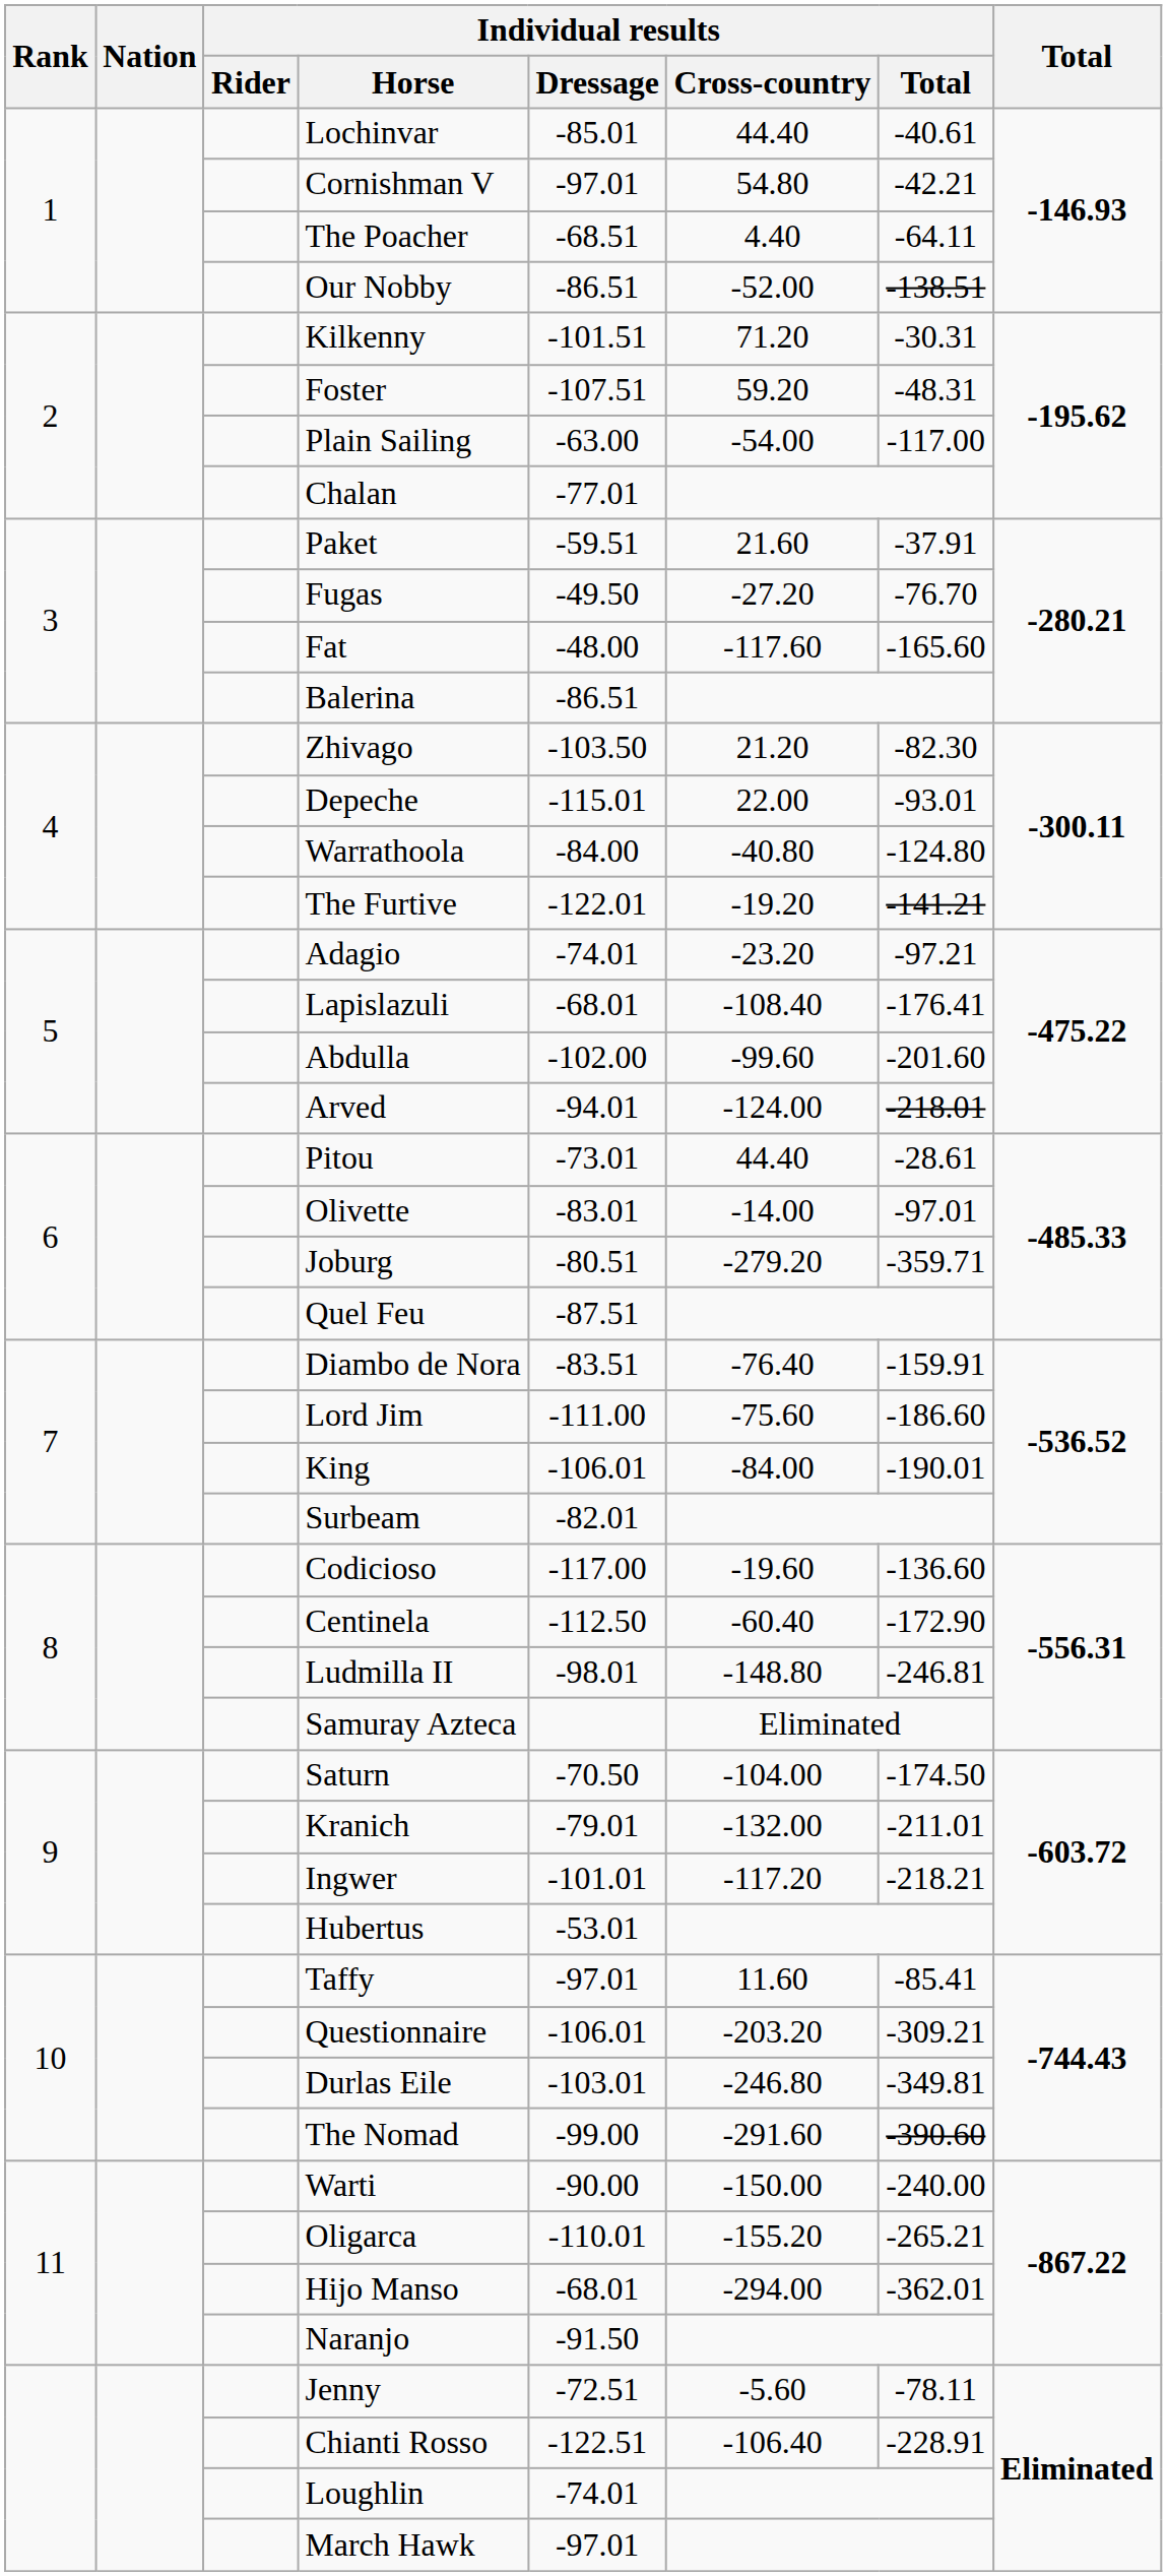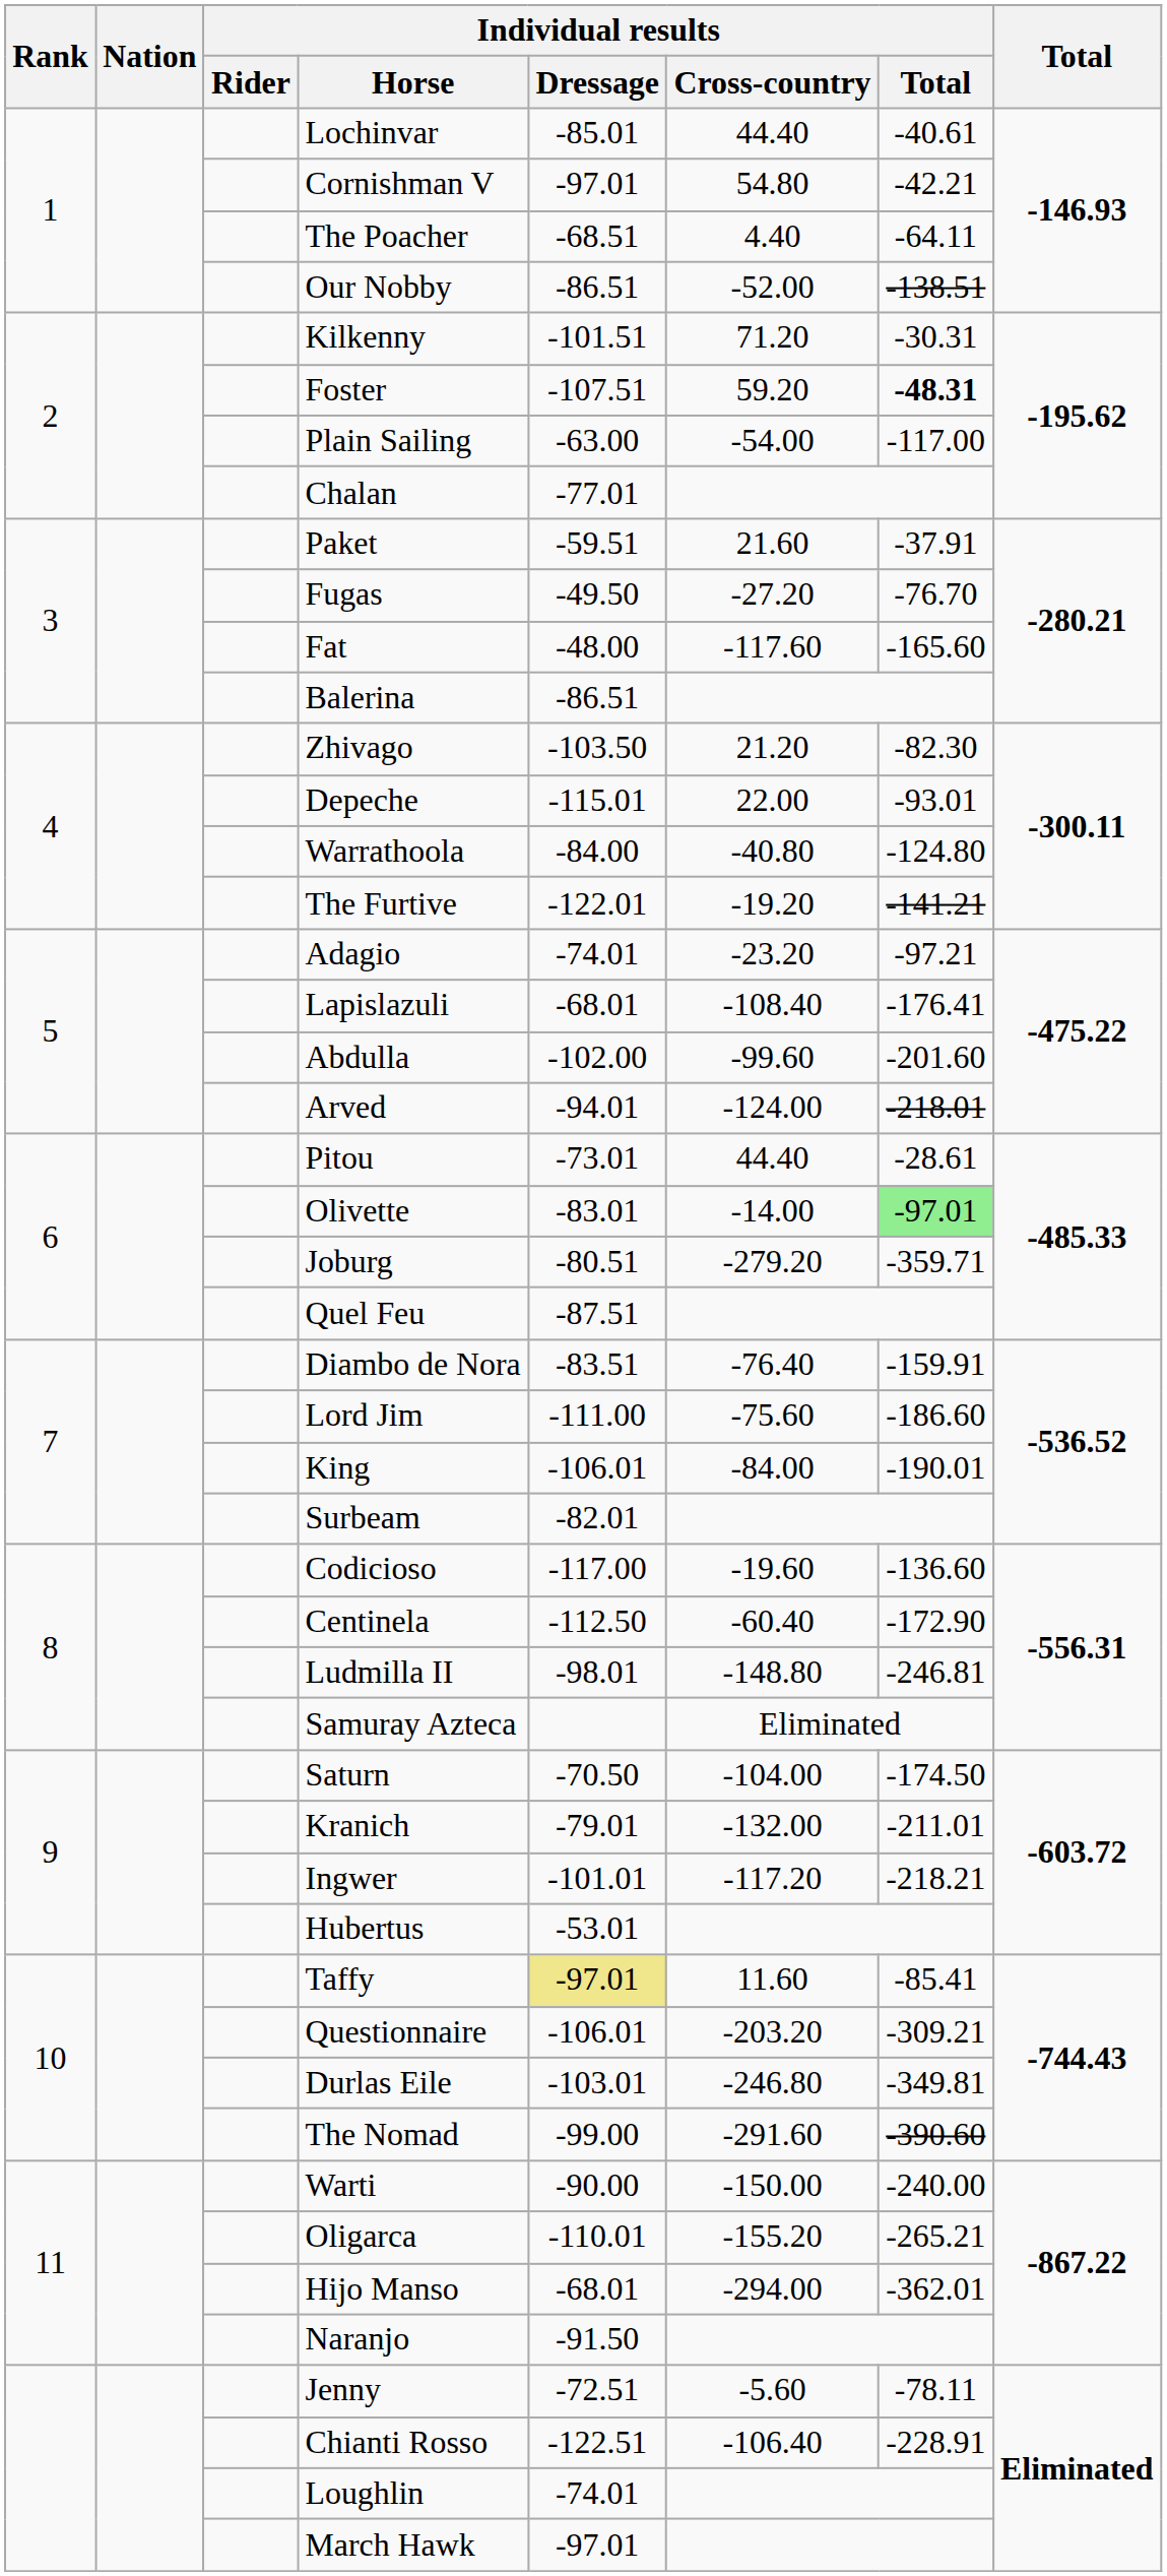 <table class="wikitable sortable" style="text-align:center">
 <tr>
 <th rowspan=2>Rank</th>
 <th rowspan=2>Nation</th>
 <th colspan=5>Individual results</th>
 <th rowspan=2>Total</th>
 </tr>
 <tr>
 <th>Rider</th>
 <th>Horse</th>
 <th>Dressage</th>
 <th>Cross-country</th>
 <th>Total</th>
 </tr>
 <tr>
 <td rowspan=4>1</td>
 <td align=left rowspan=4></td>
 <td align=left></td>
 <td align=left>Lochinvar</td>
 <td>-85.01</td>
 <td>44.40</td>
 <td>-40.61</td>
 <td rowspan=4><strong>-146.93</strong></td>
 </tr>
 <tr>
 <td align=left></td>
 <td align=left>Cornishman V</td>
 <td>-97.01</td>
 <td>54.80</td>
 <td>-42.21</td>
 </tr>
 <tr>
 <td align=left></td>
 <td align=left>The Poacher</td>
 <td>-68.51</td>
 <td>4.40</td>
 <td>-64.11</td>
 </tr>
 <tr>
 <td align=left></td>
 <td align=left>Our Nobby</td>
 <td>-86.51</td>
 <td>-52.00</td>
 <td><s>-138.51</s></td>
 </tr>
 <tr>
 <td rowspan=4>2</td>
 <td align=left rowspan=4></td>
 <td align=left></td>
 <td align=left>Kilkenny</td>
 <td>-101.51</td>
 <td>71.20</td>
 <td>-30.31</td>
 <td rowspan=4><strong>-195.62</strong></td>
 </tr>
 <tr>
 <td align=left></td>
 <td align=left>Foster</td>
 <td>-107.51</td>
 <td>59.20</td>
-<td>-48.31</td>
+<td><strong>-48.31</strong></td>
 </tr>
 <tr>
 <td align=left></td>
 <td align=left>Plain Sailing</td>
 <td>-63.00</td>
 <td>-54.00</td>
 <td>-117.00</td>
 </tr>
 <tr>
 <td align=left></td>
 <td align=left>Chalan</td>
 <td>-77.01</td>
 <td colspan=2></td>
 </tr>
 <tr>
 <td rowspan=4>3</td>
 <td align=left rowspan=4></td>
 <td align=left></td>
 <td align=left>Paket</td>
 <td>-59.51</td>
 <td>21.60</td>
 <td>-37.91</td>
 <td rowspan=4><strong>-280.21</strong></td>
 </tr>
 <tr>
 <td align=left></td>
 <td align=left>Fugas</td>
 <td>-49.50</td>
 <td>-27.20</td>
 <td>-76.70</td>
 </tr>
 <tr>
 <td align=left></td>
 <td align=left>Fat</td>
 <td>-48.00</td>
 <td>-117.60</td>
 <td>-165.60</td>
 </tr>
 <tr>
 <td align=left></td>
 <td align=left>Balerina</td>
 <td>-86.51</td>
 <td colspan=2></td>
 </tr>
 <tr>
 <td rowspan=4>4</td>
 <td align=left rowspan=4></td>
 <td align=left></td>
 <td align=left>Zhivago</td>
 <td>-103.50</td>
 <td>21.20</td>
 <td>-82.30</td>
 <td rowspan=4><strong>-300.11</strong></td>
 </tr>
 <tr>
 <td align=left></td>
 <td align=left>Depeche</td>
 <td>-115.01</td>
 <td>22.00</td>
 <td>-93.01</td>
 </tr>
 <tr>
 <td align=left></td>
 <td align=left>Warrathoola</td>
 <td>-84.00</td>
 <td>-40.80</td>
 <td>-124.80</td>
 </tr>
 <tr>
 <td align=left></td>
 <td align=left>The Furtive</td>
 <td>-122.01</td>
 <td>-19.20</td>
 <td><s>-141.21</s></td>
 </tr>
 <tr>
 <td rowspan=4>5</td>
 <td align=left rowspan=4></td>
 <td align=left></td>
 <td align=left>Adagio</td>
 <td>-74.01</td>
 <td>-23.20</td>
 <td>-97.21</td>
 <td rowspan=4><strong>-475.22</strong></td>
 </tr>
 <tr>
 <td align=left></td>
 <td align=left>Lapislazuli</td>
 <td>-68.01</td>
 <td>-108.40</td>
 <td>-176.41</td>
 </tr>
 <tr>
 <td align=left></td>
 <td align=left>Abdulla</td>
 <td>-102.00</td>
 <td>-99.60</td>
 <td>-201.60</td>
 </tr>
 <tr>
 <td align=left></td>
 <td align=left>Arved</td>
 <td>-94.01</td>
 <td>-124.00</td>
 <td><s>-218.01</s></td>
 </tr>
 <tr>
 <td rowspan=4>6</td>
 <td align=left rowspan=4></td>
 <td align=left></td>
 <td align=left>Pitou</td>
 <td>-73.01</td>
 <td>44.40</td>
 <td>-28.61</td>
 <td rowspan=4><strong>-485.33</strong></td>
 </tr>
 <tr>
 <td align=left></td>
 <td align=left>Olivette</td>
 <td>-83.01</td>
 <td>-14.00</td>
-<td>-97.01</td>
+<td style="background: lightgreen;">-97.01</td>
 </tr>
 <tr>
 <td align=left></td>
 <td align=left>Joburg</td>
 <td>-80.51</td>
 <td>-279.20</td>
 <td>-359.71</td>
 </tr>
 <tr>
 <td align=left></td>
 <td align=left>Quel Feu</td>
 <td>-87.51</td>
 <td colspan=2></td>
 </tr>
 <tr>
 <td rowspan=4>7</td>
 <td align=left rowspan=4></td>
 <td align=left></td>
 <td align=left>Diambo de Nora</td>
 <td>-83.51</td>
 <td>-76.40</td>
 <td>-159.91</td>
 <td rowspan=4><strong>-536.52</strong></td>
 </tr>
 <tr>
 <td align=left></td>
 <td align=left>Lord Jim</td>
 <td>-111.00</td>
 <td>-75.60</td>
 <td>-186.60</td>
 </tr>
 <tr>
 <td align=left></td>
 <td align=left>King</td>
 <td>-106.01</td>
 <td>-84.00</td>
 <td>-190.01</td>
 </tr>
 <tr>
 <td align=left></td>
 <td align=left>Surbeam</td>
 <td>-82.01</td>
 <td colspan=2></td>
 </tr>
 <tr>
 <td rowspan=4>8</td>
 <td align=left rowspan=4></td>
 <td align=left></td>
 <td align=left>Codicioso</td>
 <td>-117.00</td>
 <td>-19.60</td>
 <td>-136.60</td>
 <td rowspan=4><strong>-556.31</strong></td>
 </tr>
 <tr>
 <td align=left></td>
 <td align=left>Centinela</td>
 <td>-112.50</td>
 <td>-60.40</td>
 <td>-172.90</td>
 </tr>
 <tr>
 <td align=left></td>
 <td align=left>Ludmilla II</td>
 <td>-98.01</td>
 <td>-148.80</td>
 <td>-246.81</td>
 </tr>
 <tr>
 <td align=left></td>
 <td align=left>Samuray Azteca</td>
 <td></td>
 <td colspan=2>Eliminated</td>
 </tr>
 <tr>
 <td rowspan=4>9</td>
 <td align=left rowspan=4></td>
 <td align=left></td>
 <td align=left>Saturn</td>
 <td>-70.50</td>
 <td>-104.00</td>
 <td>-174.50</td>
 <td rowspan=4><strong>-603.72</strong></td>
 </tr>
 <tr>
 <td align=left></td>
 <td align=left>Kranich</td>
 <td>-79.01</td>
 <td>-132.00</td>
 <td>-211.01</td>
 </tr>
 <tr>
 <td align=left></td>
 <td align=left>Ingwer</td>
 <td>-101.01</td>
 <td>-117.20</td>
 <td>-218.21</td>
 </tr>
 <tr>
 <td align=left></td>
 <td align=left>Hubertus</td>
 <td>-53.01</td>
 <td colspan=2></td>
 </tr>
 <tr>
 <td rowspan=4>10</td>
 <td align=left rowspan=4></td>
 <td align=left></td>
 <td align=left>Taffy</td>
-<td>-97.01</td>
+<td style="background: khaki;">-97.01</td>
 <td>11.60</td>
 <td>-85.41</td>
 <td rowspan=4><strong>-744.43</strong></td>
 </tr>
 <tr>
 <td align=left></td>
 <td align=left>Questionnaire</td>
 <td>-106.01</td>
 <td>-203.20</td>
 <td>-309.21</td>
 </tr>
 <tr>
 <td align=left></td>
 <td align=left>Durlas Eile</td>
 <td>-103.01</td>
 <td>-246.80</td>
 <td>-349.81</td>
 </tr>
 <tr>
 <td align=left></td>
 <td align=left>The Nomad</td>
 <td>-99.00</td>
 <td>-291.60</td>
 <td><s>-390.60</s></td>
 </tr>
 <tr>
 <td rowspan=4>11</td>
 <td align=left rowspan=4></td>
 <td align=left></td>
 <td align=left>Warti</td>
 <td>-90.00</td>
 <td>-150.00</td>
 <td>-240.00</td>
 <td rowspan=4><strong>-867.22</strong></td>
 </tr>
 <tr>
 <td align=left></td>
 <td align=left>Oligarca</td>
 <td>-110.01</td>
 <td>-155.20</td>
 <td>-265.21</td>
 </tr>
 <tr>
 <td align=left></td>
 <td align=left>Hijo Manso</td>
 <td>-68.01</td>
 <td>-294.00</td>
 <td>-362.01</td>
 </tr>
 <tr>
 <td align=left></td>
 <td align=left>Naranjo</td>
 <td>-91.50</td>
 <td colspan=2></td>
 </tr>
 <tr>
 <td rowspan=4></td>
 <td align=left rowspan=4></td>
 <td align=left></td>
 <td align=left>Jenny</td>
 <td>-72.51</td>
 <td>-5.60</td>
 <td>-78.11</td>
 <td rowspan=4><strong>Eliminated</strong></td>
 </tr>
 <tr>
 <td align=left></td>
 <td align=left>Chianti Rosso</td>
 <td>-122.51</td>
 <td>-106.40</td>
 <td>-228.91</td>
 </tr>
 <tr>
 <td align=left></td>
 <td align=left>Loughlin</td>
 <td>-74.01</td>
 <td colspan=2></td>
 </tr>
 <tr>
 <td align=left></td>
 <td align=left>March Hawk</td>
 <td>-97.01</td>
 <td colspan=2></td>
 </tr>
 </table>
